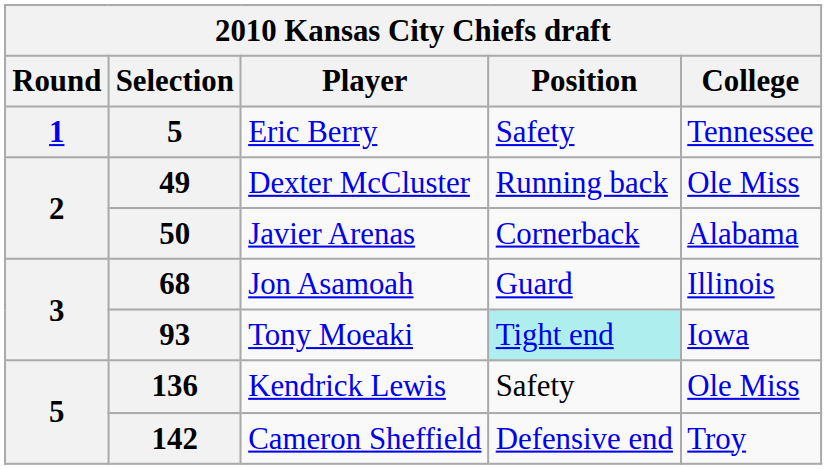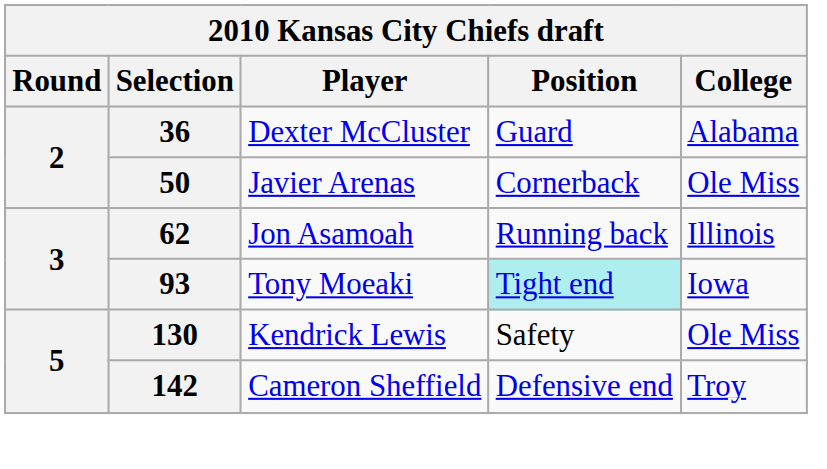 <table class="wikitable" style="font-size: 95%;">
 <tr>
 <th colspan=5>2010 Kansas City Chiefs draft</th>
 </tr>
 <tr>
 <th>Round</th>
 <th>Selection</th>
 <th>Player</th>
 <th>Position</th>
 <th>College</th>
 </tr>
 <tr>
-<th><a href='#'>1</a></th>
-<th>5</th>
-<td><a href='#'>Eric Berry</a></td>
-<td><a href='#'>Safety</a></td>
-<td><a href='#'>Tennessee</a></td>
-</tr>
-<tr>
 <th rowspan=2>2</th>
-<th>49</th>
+<th>36</th>
 <td><a href='#'>Dexter McCluster</a></td>
-<td><a href='#'>Running back</a></td>
-<td><a href='#'>Ole Miss</a></td>
+<td><a href='#'>Guard</a></td>
+<td><a href='#'>Alabama</a></td>
 </tr>
 <tr>
 <th>50</th>
 <td><a href='#'>Javier Arenas</a></td>
 <td><a href='#'>Cornerback</a></td>
-<td><a href='#'>Alabama</a></td>
+<td><a href='#'>Ole Miss</a></td>
 </tr>
 <tr>
 <th rowspan=2>3</th>
-<th>68</th>
+<th>62</th>
 <td><a href='#'>Jon Asamoah</a></td>
-<td><a href='#'>Guard</a></td>
+<td><a href='#'>Running back</a></td>
 <td><a href='#'>Illinois</a></td>
 </tr>
 <tr>
 <th>93</th>
 <td><a href='#'>Tony Moeaki</a></td>
 <td style="background: paleturquoise;"><a href='#'>Tight end</a></td>
 <td><a href='#'>Iowa</a></td>
 </tr>
 <tr>
 <th rowspan=2>5</th>
-<th>136</th>
+<th>130</th>
 <td><a href='#'>Kendrick Lewis</a></td>
 <td>Safety</td>
 <td><a href='#'>Ole Miss</a></td>
 </tr>
 <tr>
 <th>142</th>
 <td><a href='#'>Cameron Sheffield</a></td>
 <td><a href='#'>Defensive end</a></td>
 <td><a href='#'>Troy</a></td>
 </tr>
 </table>
